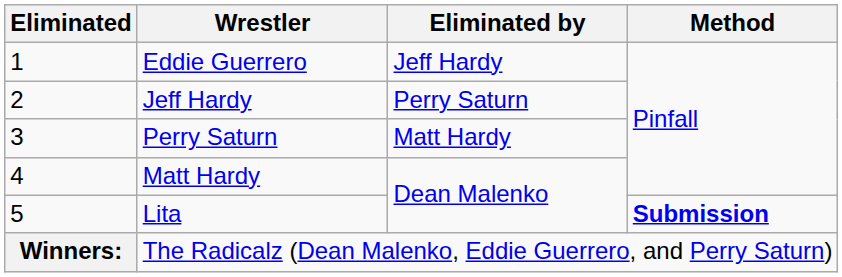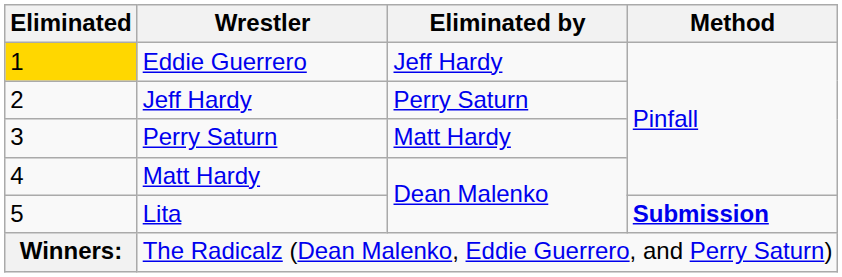 <table class="wikitable sortable">
 <tr>
 <th>Eliminated</th>
 <th>Wrestler</th>
 <th>Eliminated by</th>
 <th>Method</th>
 </tr>
 <tr>
-<td>1</td>
+<td style="background: gold;">1</td>
 <td><a href='#'>Eddie Guerrero</a></td>
 <td><a href='#'>Jeff Hardy</a></td>
 <td rowspan=4><a href='#'>Pinfall</a></td>
 </tr>
 <tr>
 <td>2</td>
 <td><a href='#'>Jeff Hardy</a></td>
 <td><a href='#'>Perry Saturn</a></td>
 </tr>
 <tr>
 <td>3</td>
 <td><a href='#'>Perry Saturn</a></td>
 <td><a href='#'>Matt Hardy</a></td>
 </tr>
 <tr>
 <td>4</td>
 <td><a href='#'>Matt Hardy</a></td>
 <td rowspan=2><a href='#'>Dean Malenko</a></td>
 </tr>
 <tr>
 <td>5</td>
 <td><a href='#'>Lita</a></td>
 <td><strong><a href='#'>Submission</a></strong></td>
 </tr>
 <tr>
 <th>Winners:</th>
 <td colspan="3"><a href='#'>The Radicalz</a> (<a href='#'>Dean Malenko</a>, <a href='#'>Eddie Guerrero</a>, and <a href='#'>Perry Saturn</a>)</td>
 </tr>
 </table>
